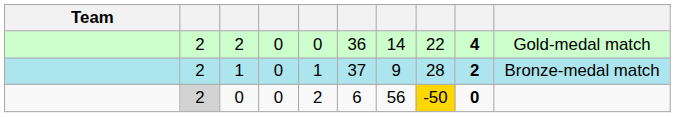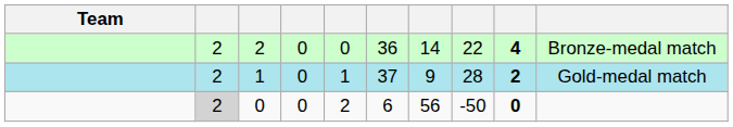 <table class="wikitable" style="text-align:center;">
 <tr>
 <th width=160>Team</th>
 <th width=30></th>
 <th width=30></th>
 <th width=30></th>
 <th width=30></th>
 <th width=30></th>
 <th width=30></th>
 <th width=30></th>
 <th width=30></th>
 <th width=160></th>
 </tr>
 <tr style="background-color:#ccffcc">
 <td style="text-align:left;"></td>
 <td>2</td>
 <td>2</td>
 <td>0</td>
 <td>0</td>
 <td>36</td>
 <td>14</td>
 <td>22</td>
 <td><strong>4</strong></td>
-<td>Gold-medal match</td>
+<td>Bronze-medal match</td>
 </tr>
 <tr style="background-color:#ACE5EE">
 <td style="text-align:left;"></td>
 <td>2</td>
 <td>1</td>
 <td>0</td>
 <td>1</td>
 <td>37</td>
 <td>9</td>
 <td>28</td>
 <td><strong>2</strong></td>
-<td>Bronze-medal match</td>
+<td>Gold-medal match</td>
 </tr>
 <tr>
 <td style="text-align:left;"></td>
 <td style="background: lightgrey;">2</td>
 <td>0</td>
 <td>0</td>
 <td>2</td>
 <td>6</td>
 <td>56</td>
-<td style="background: gold;">-50</td>
+<td>-50</td>
 <td><strong>0</strong></td>
 <td></td>
 </tr>
 </table>
